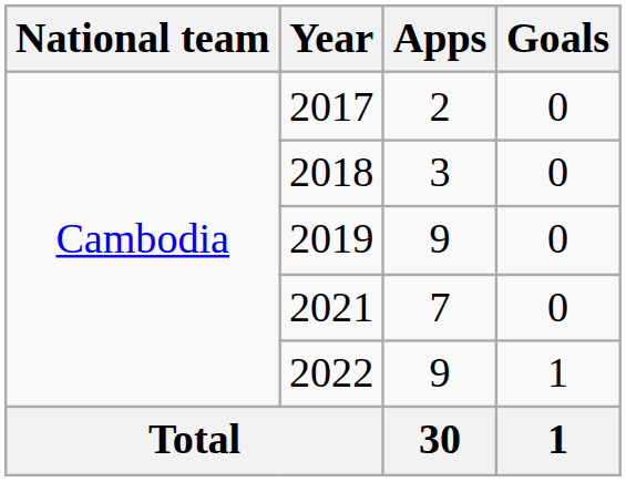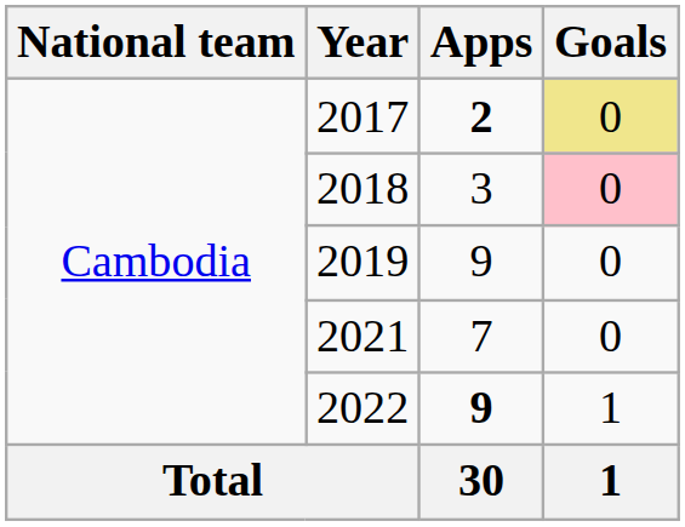 <table class="wikitable" style="text-align:center">
 <tr>
 <th>National team</th>
 <th>Year</th>
 <th>Apps</th>
 <th>Goals</th>
 </tr>
 <tr>
 <td rowspan="5"><a href='#'>Cambodia</a></td>
 <td>2017</td>
-<td>2</td>
-<td>0</td>
+<td><strong>2</strong></td>
+<td style="background: khaki;">0</td>
 </tr>
 <tr>
 <td>2018</td>
 <td>3</td>
-<td>0</td>
+<td style="background: pink;">0</td>
 </tr>
 <tr>
 <td>2019</td>
 <td>9</td>
 <td>0</td>
 </tr>
 <tr>
 <td>2021</td>
 <td>7</td>
 <td>0</td>
 </tr>
 <tr>
 <td>2022</td>
-<td>9</td>
+<td><strong>9</strong></td>
 <td>1</td>
 </tr>
 <tr>
 <th colspan=2>Total</th>
 <th>30</th>
 <th>1</th>
 </tr>
 </table>
